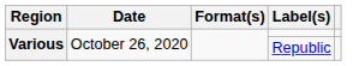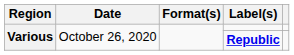 <table class="wikitable plainrowheaders">
 <tr>
 <th scope="col">Region</th>
 <th scope="col">Date</th>
 <th scope="col">Format(s)</th>
 <th scope="col">Label(s)</th>
 <th scope="col"></th>
 </tr>
 <tr>
 <th rowspan="2" scope="row">Various</th>
 <td rowspan="2">October 26, 2020</td>
 <td rowspan="2"></td>
 <td></td>
 <td style="text-align:center;"></td>
 </tr>
 <tr>
-<td><a href='#'>Republic</a></td>
+<td><strong><a href='#'>Republic</a></strong></td>
 <td style="text-align:center;"></td>
 </tr>
 </table>
